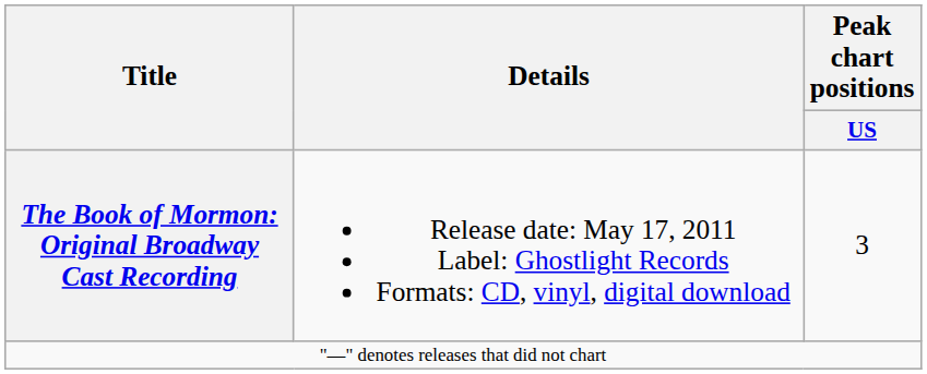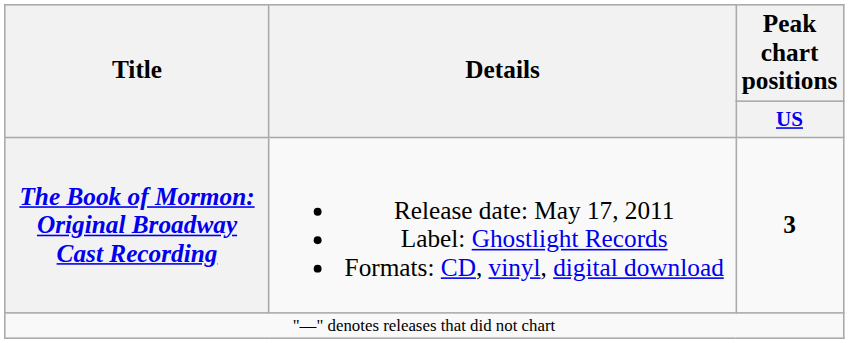 <table class="wikitable plainrowheaders" style="text-align:center;">
 <tr>
 <th rowspan="2" style="width:10em;">Title</th>
 <th rowspan="2" style="width:18em;">Details</th>
 <th colspan="1">Peak chart positions</th>
 </tr>
 <tr style="font-size:smaller;">
 <th style="width:45px;"><a href='#'>US</a></th>
 </tr>
 <tr>
 <th scope="row"><em><a href='#'>The Book of Mormon: Original Broadway Cast Recording</a></em></th>
 <td><br><ul><li>Release date: May 17, 2011</li><li>Label: <a href='#'>Ghostlight Records</a></li><li>Formats: <a href='#'>CD</a>, <a href='#'>vinyl</a>, <a href='#'>digital download</a></li></ul></td>
-<td>3</td>
+<td><strong>3</strong></td>
 </tr>
 <tr>
 <td colspan="10" style="font-size:8pt">"—" denotes releases that did not chart</td>
 </tr>
 </table>
